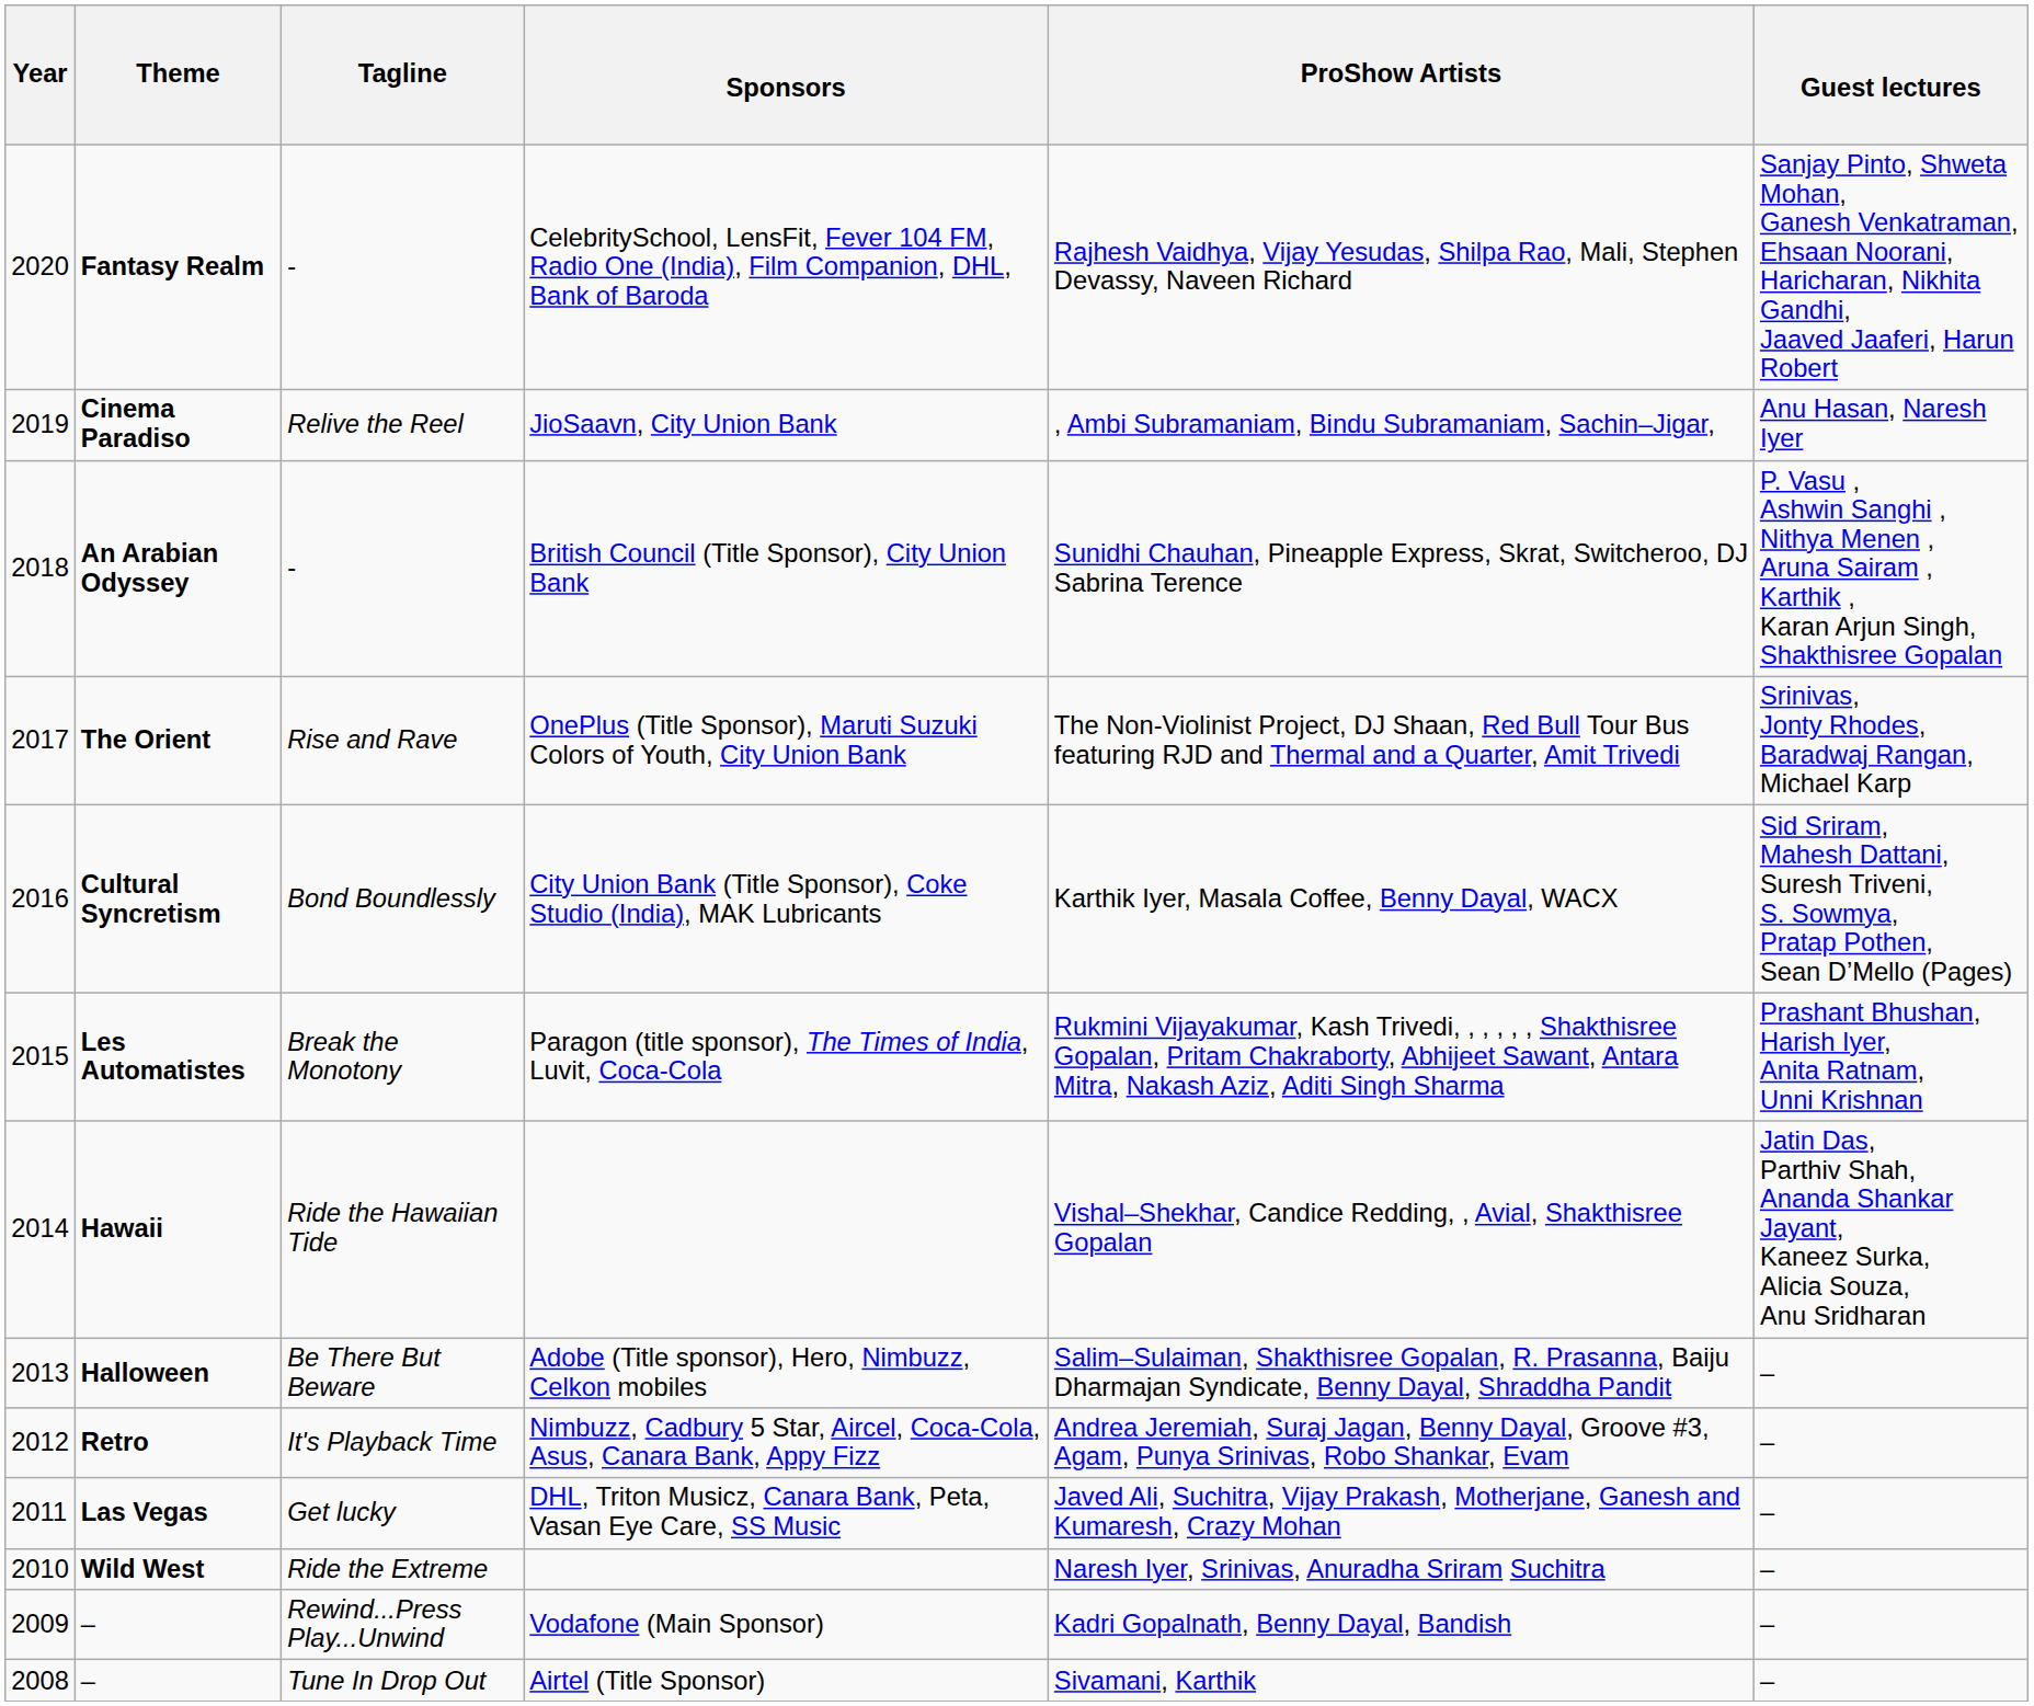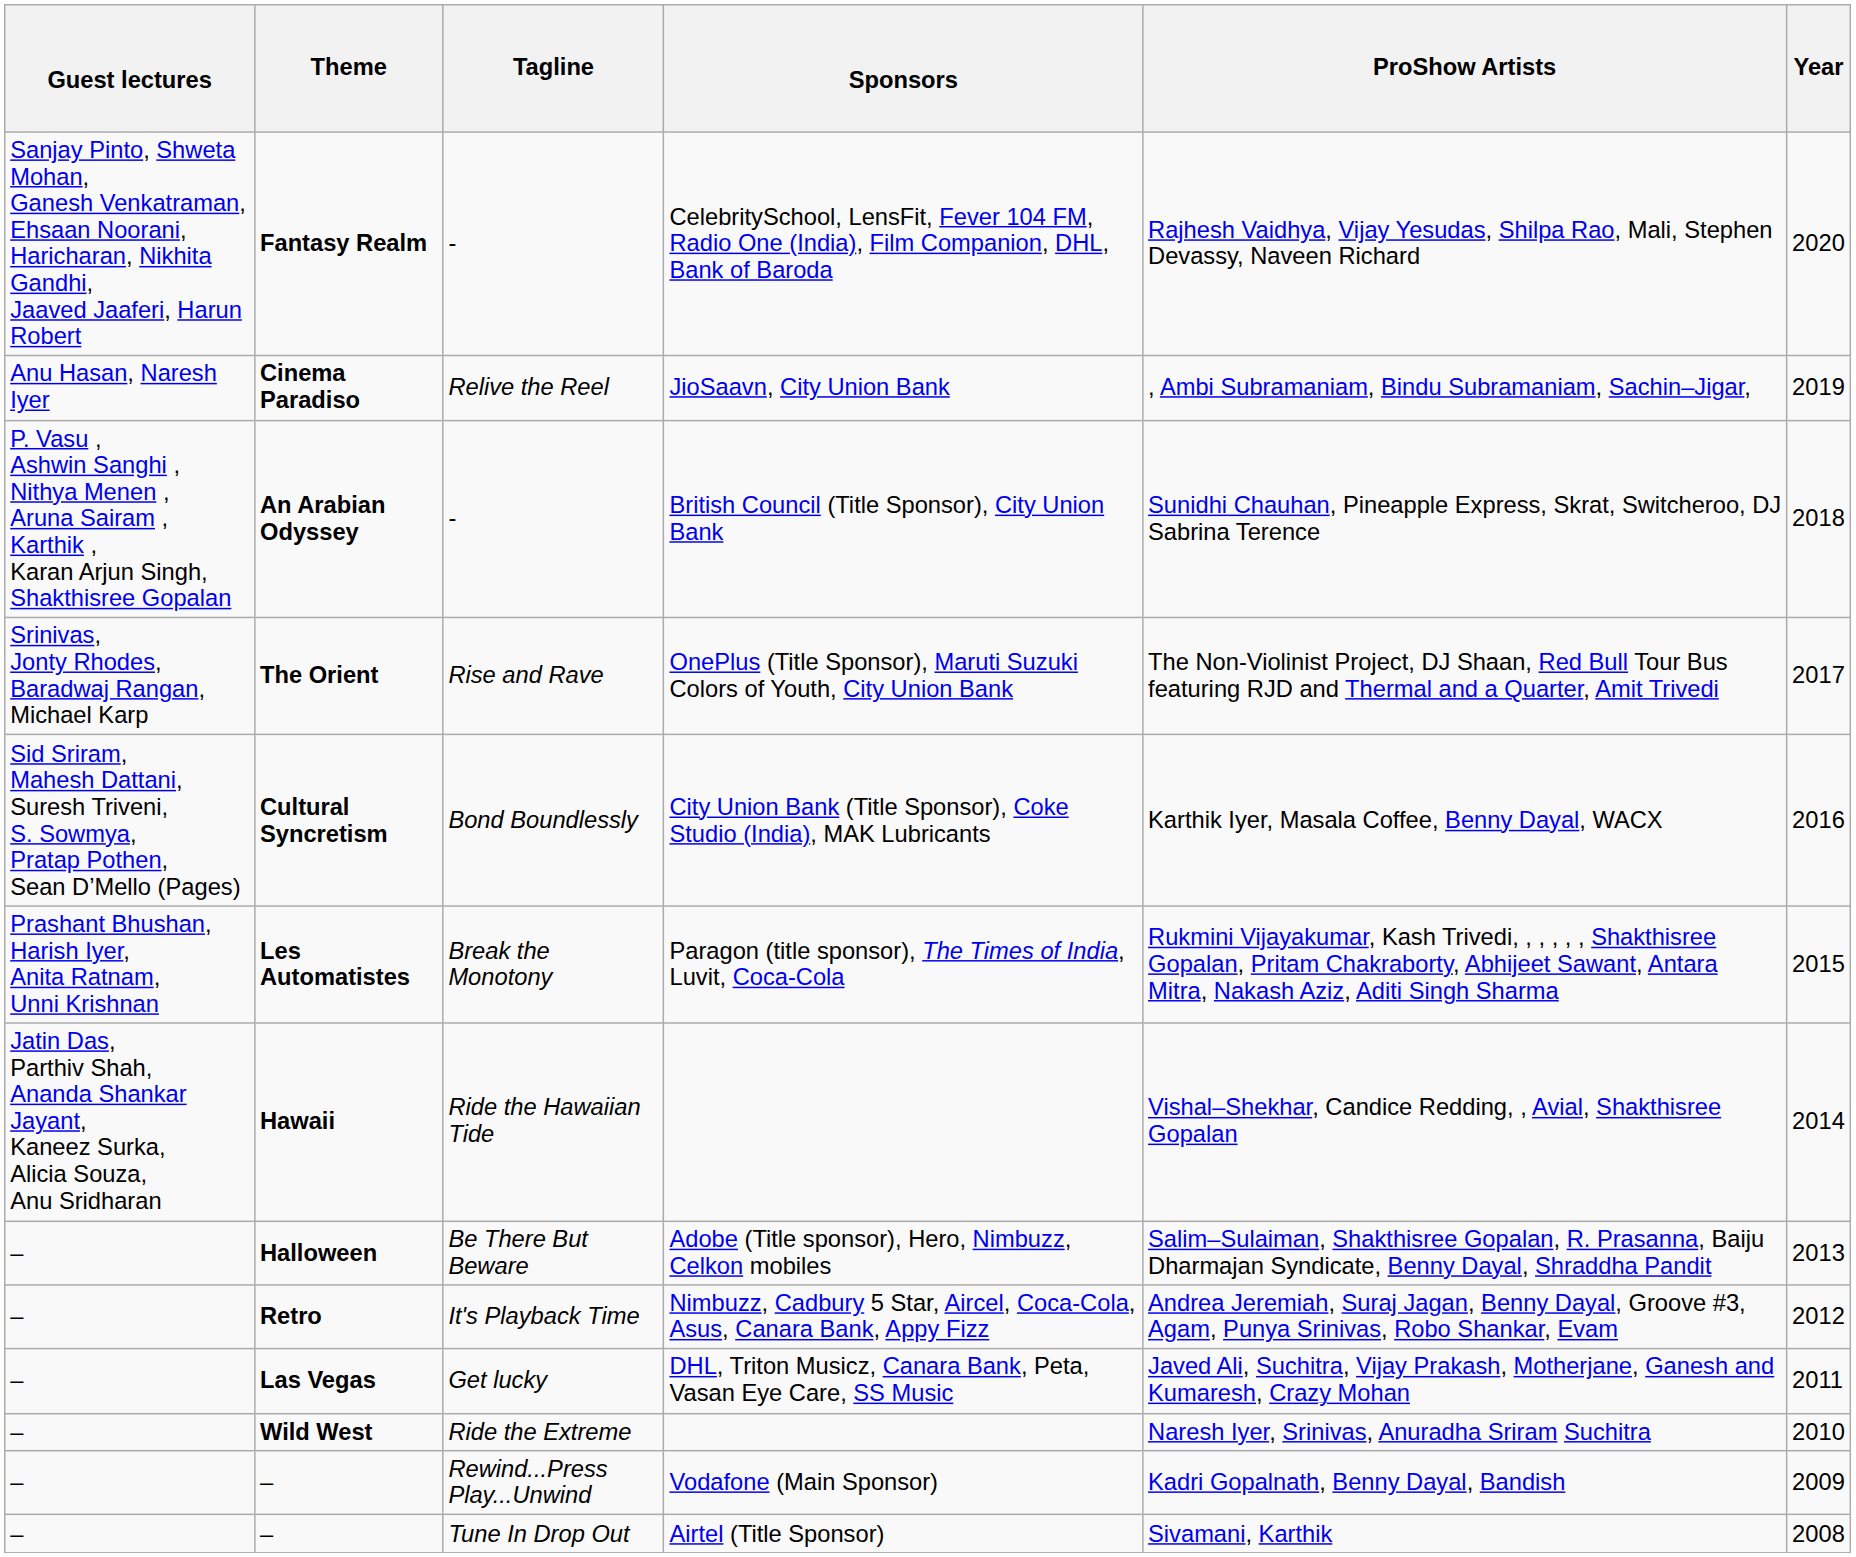 <table class="wikitable">
 <tr>
-<th>Year</th>
+<th><br><h4>Guest lectures</h4></th>
 <th>Theme</th>
 <th>Tagline</th>
 <th><br><h4>Sponsors</h4></th>
 <th>ProShow Artists</th>
-<th><br><h4>Guest lectures</h4></th>
+<th>Year</th>
 </tr>
 <tr>
-<td>2020</td>
+<td><a href='#'>Sanjay Pinto</a>, <a href='#'>Shweta Mohan</a>,<br><a href='#'>Ganesh Venkatraman</a>, <a href='#'>Ehsaan Noorani</a>,<br><a href='#'>Haricharan</a>, <a href='#'>Nikhita Gandhi</a>,<br><a href='#'>Jaaved Jaaferi</a>, <a href='#'>Harun Robert</a></td>
 <td><strong>Fantasy Realm</strong></td>
 <td>-</td>
 <td>CelebritySchool, LensFit, <a href='#'>Fever 104 FM</a>, <a href='#'>Radio One (India)</a>, <a href='#'>Film Companion</a>, <a href='#'>DHL</a>, <a href='#'>Bank of Baroda</a></td>
 <td><a href='#'>Rajhesh Vaidhya</a>, <a href='#'>Vijay Yesudas</a>, <a href='#'>Shilpa Rao</a>, Mali, Stephen Devassy, Naveen Richard</td>
-<td><a href='#'>Sanjay Pinto</a>, <a href='#'>Shweta Mohan</a>,<br><a href='#'>Ganesh Venkatraman</a>, <a href='#'>Ehsaan Noorani</a>,<br><a href='#'>Haricharan</a>, <a href='#'>Nikhita Gandhi</a>,<br><a href='#'>Jaaved Jaaferi</a>, <a href='#'>Harun Robert</a></td>
+<td>2020</td>
 </tr>
 <tr>
-<td>2019</td>
+<td><a href='#'>Anu Hasan</a>, <a href='#'>Naresh Iyer</a></td>
 <td><strong>Cinema Paradiso</strong></td>
 <td><em>Relive the Reel</em></td>
 <td><a href='#'>JioSaavn</a>, <a href='#'>City Union Bank</a></td>
 <td>, <a href='#'>Ambi Subramaniam</a>, <a href='#'>Bindu Subramaniam</a>, <a href='#'>Sachin–Jigar</a>, </td>
-<td><a href='#'>Anu Hasan</a>, <a href='#'>Naresh Iyer</a></td>
+<td>2019</td>
 </tr>
 <tr>
-<td>2018</td>
+<td><a href='#'>P. Vasu</a> ,<br><a href='#'>Ashwin Sanghi</a> ,<br><a href='#'>Nithya Menen</a> ,<br><a href='#'>Aruna Sairam</a> ,<br><a href='#'>Karthik</a> ,<br>Karan Arjun Singh,<br><a href='#'>Shakthisree Gopalan</a></td>
 <td><strong>An Arabian Odyssey</strong></td>
 <td>-</td>
 <td><a href='#'>British Council</a> (Title Sponsor), <a href='#'>City Union Bank</a></td>
 <td><a href='#'>Sunidhi Chauhan</a>, Pineapple Express, Skrat, Switcheroo, DJ Sabrina Terence</td>
-<td><a href='#'>P. Vasu</a> ,<br><a href='#'>Ashwin Sanghi</a> ,<br><a href='#'>Nithya Menen</a> ,<br><a href='#'>Aruna Sairam</a> ,<br><a href='#'>Karthik</a> ,<br>Karan Arjun Singh,<br><a href='#'>Shakthisree Gopalan</a></td>
+<td>2018</td>
 </tr>
 <tr>
-<td>2017</td>
+<td><a href='#'>Srinivas</a>,<br><a href='#'>Jonty Rhodes</a>,<br><a href='#'>Baradwaj Rangan</a>,<br>Michael Karp</td>
 <td><strong>The Orient</strong></td>
 <td><em>Rise and Rave</em></td>
 <td><a href='#'>OnePlus</a> (Title Sponsor), <a href='#'>Maruti Suzuki</a> Colors of Youth, <a href='#'>City Union Bank</a></td>
 <td>The Non-Violinist Project, DJ Shaan, <a href='#'>Red Bull</a> Tour Bus featuring RJD and <a href='#'>Thermal and a Quarter</a>, <a href='#'>Amit Trivedi</a></td>
-<td><a href='#'>Srinivas</a>,<br><a href='#'>Jonty Rhodes</a>,<br><a href='#'>Baradwaj Rangan</a>,<br>Michael Karp</td>
+<td>2017</td>
 </tr>
 <tr>
-<td>2016</td>
+<td><a href='#'>Sid Sriram</a>,<br><a href='#'>Mahesh Dattani</a>,<br>Suresh Triveni,<br><a href='#'>S. Sowmya</a>,<br><a href='#'>Pratap Pothen</a>,<br>Sean D’Mello (Pages)</td>
 <td><strong>Cultural Syncretism</strong></td>
 <td><em>Bond Boundlessly</em></td>
 <td><a href='#'>City Union Bank</a> (Title Sponsor), <a href='#'>Coke Studio (India)</a>, MAK Lubricants</td>
 <td>Karthik Iyer, Masala Coffee, <a href='#'>Benny Dayal</a>, WACX</td>
-<td><a href='#'>Sid Sriram</a>,<br><a href='#'>Mahesh Dattani</a>,<br>Suresh Triveni,<br><a href='#'>S. Sowmya</a>,<br><a href='#'>Pratap Pothen</a>,<br>Sean D’Mello (Pages)</td>
+<td>2016</td>
 </tr>
 <tr>
-<td>2015</td>
+<td><a href='#'>Prashant Bhushan</a>,<br><a href='#'>Harish Iyer</a>,<br><a href='#'>Anita Ratnam</a>,<br><a href='#'>Unni Krishnan</a></td>
 <td><strong>Les Automatistes</strong></td>
 <td><em>Break the Monotony</em></td>
 <td>Paragon (title sponsor), <em><a href='#'>The Times of India</a></em>, Luvit, <a href='#'>Coca-Cola</a></td>
 <td><a href='#'>Rukmini Vijayakumar</a>, Kash Trivedi, , , , , , <a href='#'>Shakthisree Gopalan</a>, <a href='#'>Pritam Chakraborty</a>, <a href='#'>Abhijeet Sawant</a>, <a href='#'>Antara Mitra</a>, <a href='#'>Nakash Aziz</a>, <a href='#'>Aditi Singh Sharma</a></td>
-<td><a href='#'>Prashant Bhushan</a>,<br><a href='#'>Harish Iyer</a>,<br><a href='#'>Anita Ratnam</a>,<br><a href='#'>Unni Krishnan</a></td>
+<td>2015</td>
 </tr>
 <tr>
-<td>2014</td>
+<td><a href='#'>Jatin Das</a>,<br>Parthiv Shah,<br><a href='#'>Ananda Shankar Jayant</a>,<br>Kaneez Surka,<br>Alicia Souza,<br>Anu Sridharan</td>
 <td><strong>Hawaii</strong></td>
 <td><em>Ride the Hawaiian Tide</em></td>
 <td></td>
 <td><a href='#'>Vishal–Shekhar</a>,  Candice Redding, , <a href='#'>Avial</a>, <a href='#'>Shakthisree Gopalan</a></td>
-<td><a href='#'>Jatin Das</a>,<br>Parthiv Shah,<br><a href='#'>Ananda Shankar Jayant</a>,<br>Kaneez Surka,<br>Alicia Souza,<br>Anu Sridharan</td>
+<td>2014</td>
 </tr>
 <tr>
-<td>2013</td>
+<td>–</td>
 <td><strong>Halloween</strong></td>
 <td><em>Be There But Beware</em></td>
 <td><a href='#'>Adobe</a> (Title sponsor), Hero, <a href='#'>Nimbuzz</a>, <a href='#'>Celkon</a> mobiles</td>
 <td><a href='#'>Salim–Sulaiman</a>, <a href='#'>Shakthisree Gopalan</a>, <a href='#'>R. Prasanna</a>, Baiju Dharmajan Syndicate, <a href='#'>Benny Dayal</a>, <a href='#'>Shraddha Pandit</a></td>
-<td>–</td>
+<td>2013</td>
 </tr>
 <tr>
-<td>2012</td>
+<td>–</td>
 <td><strong>Retro</strong></td>
 <td><em>It's Playback Time</em></td>
 <td><a href='#'>Nimbuzz</a>, <a href='#'>Cadbury</a> 5 Star, <a href='#'>Aircel</a>, <a href='#'>Coca-Cola</a>, <a href='#'>Asus</a>, <a href='#'>Canara Bank</a>, <a href='#'>Appy Fizz</a></td>
 <td><a href='#'>Andrea Jeremiah</a>, <a href='#'>Suraj Jagan</a>, <a href='#'>Benny Dayal</a>, Groove #3, <a href='#'>Agam</a>, <a href='#'>Punya Srinivas</a>, <a href='#'>Robo Shankar</a>, <a href='#'>Evam</a></td>
-<td>–</td>
+<td>2012</td>
 </tr>
 <tr>
-<td>2011</td>
+<td>–</td>
 <td><strong> Las Vegas</strong></td>
 <td><em>Get lucky</em></td>
 <td><a href='#'>DHL</a>, Triton Musicz, <a href='#'>Canara Bank</a>, Peta, Vasan Eye Care, <a href='#'>SS Music</a></td>
 <td><a href='#'>Javed Ali</a>, <a href='#'>Suchitra</a>, <a href='#'>Vijay Prakash</a>, <a href='#'>Motherjane</a>, <a href='#'>Ganesh and Kumaresh</a>, <a href='#'>Crazy Mohan</a></td>
-<td>–</td>
+<td>2011</td>
 </tr>
 <tr>
-<td>2010</td>
+<td>–</td>
 <td><strong>Wild West</strong></td>
 <td><em>Ride the Extreme</em></td>
 <td></td>
 <td><a href='#'>Naresh Iyer</a>, <a href='#'>Srinivas</a>, <a href='#'>Anuradha Sriram</a> <a href='#'>Suchitra</a></td>
-<td>–</td>
+<td>2010</td>
 </tr>
 <tr>
-<td>2009</td>
+<td>–</td>
 <td>–</td>
 <td><em>Rewind...Press Play...Unwind</em></td>
 <td><a href='#'>Vodafone</a> (Main Sponsor)</td>
 <td><a href='#'>Kadri Gopalnath</a>, <a href='#'>Benny Dayal</a>, <a href='#'>Bandish</a></td>
-<td>–</td>
+<td>2009</td>
 </tr>
 <tr>
-<td>2008</td>
+<td>–</td>
 <td>–</td>
 <td><em>Tune In Drop Out</em></td>
 <td><a href='#'>Airtel</a> (Title Sponsor)</td>
 <td><a href='#'>Sivamani</a>, <a href='#'>Karthik</a></td>
-<td>–</td>
+<td>2008</td>
 </tr>
 </table>
